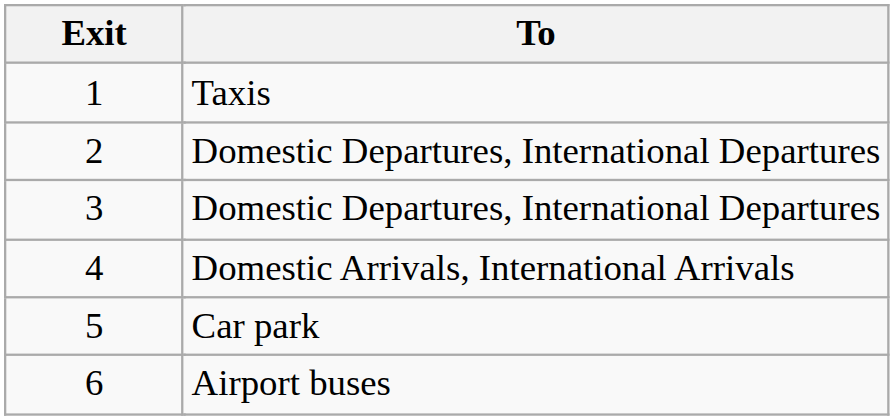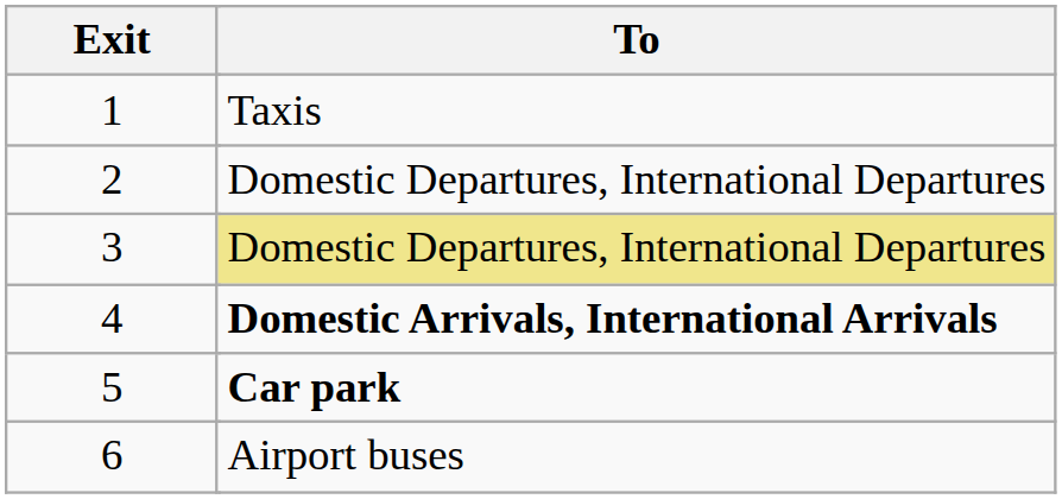 <table class="wikitable">
 <tr>
 <th style="width:70px" colspan="2">Exit</th>
 <th>To</th>
 </tr>
 <tr>
 <td align="center" colspan="2">1</td>
 <td>Taxis</td>
 </tr>
 <tr>
 <td align="center" colspan="2">2</td>
 <td>Domestic Departures, International Departures</td>
 </tr>
 <tr>
 <td align="center" colspan="2">3</td>
-<td>Domestic Departures, International Departures</td>
+<td style="background: khaki;">Domestic Departures, International Departures</td>
 </tr>
 <tr>
 <td align="center" colspan="2">4</td>
-<td>Domestic Arrivals, International Arrivals</td>
+<td><strong>Domestic Arrivals, International Arrivals</strong></td>
 </tr>
 <tr>
 <td align="center" colspan="2">5</td>
-<td>Car park</td>
+<td><strong>Car park</strong></td>
 </tr>
 <tr>
 <td align="center" colspan="2">6</td>
 <td>Airport buses</td>
 </tr>
 </table>
